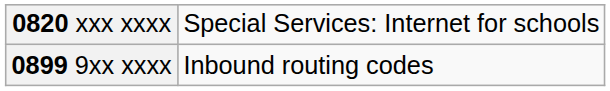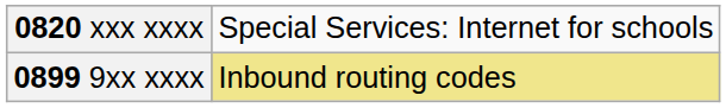 <table class="wikitable" style="width: auto; margin-left: 1.5em;">
 <tr>
 <th scope="row" style="font-weight: normal;"><strong>0820</strong> xxx xxxx</th>
 <td>Special Services: Internet for schools</td>
 </tr>
 <tr>
 <th scope="row" style="font-weight: normal;"><strong>0899</strong> 9xx xxxx</th>
-<td>Inbound routing codes</td>
+<td style="background: khaki;">Inbound routing codes</td>
 </tr>
 </table>
